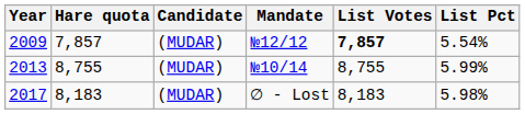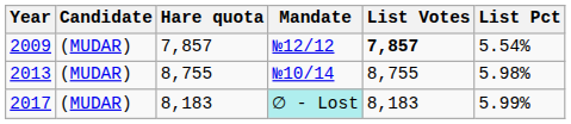 <table class="wikitable" style="margin:0.5em ; font-size:95%">
 <tr>
 <th>Year</th>
+<th>Candidate</th>
 <th>Hare quota</th>
-<th>Candidate</th>
 <th>Mandate</th>
 <th>List Votes</th>
 <th>List Pct</th>
 </tr>
 <tr>
 <td><a href='#'>2009</a></td>
+<td> (<a href='#'>MUDAR</a>)</td>
 <td>7,857</td>
-<td> (<a href='#'>MUDAR</a>)</td>
 <td><a href='#'>№12/12</a></td>
 <td><strong>7,857</strong></td>
 <td>5.54%</td>
 </tr>
 <tr>
 <td><a href='#'>2013</a></td>
+<td> (<a href='#'>MUDAR</a>)</td>
 <td>8,755</td>
-<td> (<a href='#'>MUDAR</a>)</td>
 <td><a href='#'>№10/14</a></td>
 <td>8,755</td>
-<td>5.99%</td>
+<td>5.98%</td>
 </tr>
 <tr>
 <td><a href='#'>2017</a></td>
+<td> (<a href='#'>MUDAR</a>)</td>
 <td>8,183</td>
-<td> (<a href='#'>MUDAR</a>)</td>
-<td>∅ - Lost</td>
+<td style="background: paleturquoise;">∅ - Lost</td>
 <td>8,183</td>
-<td>5.98%</td>
+<td>5.99%</td>
 </tr>
 </table>
